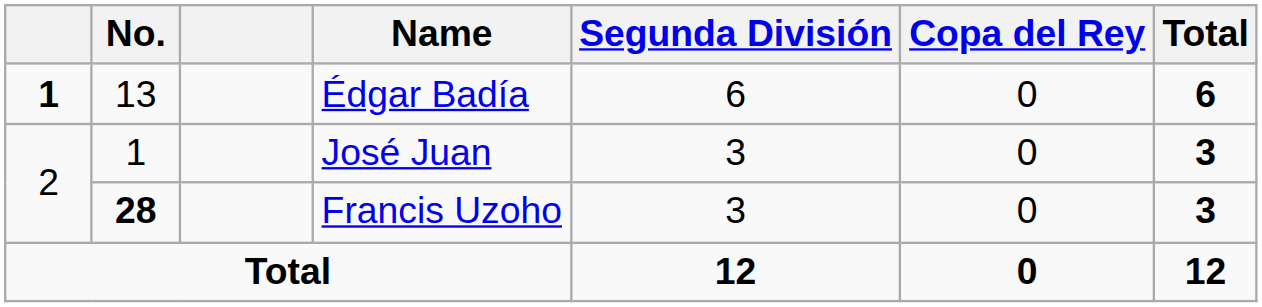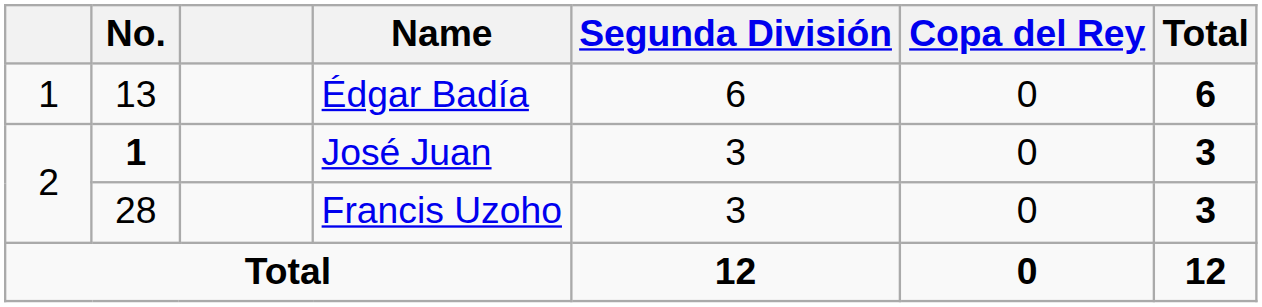 <table class="wikitable sortable" style="text-align:center;">
 <tr>
 <th width="30"></th>
 <th width="30">No.</th>
 <th width="50"></th>
 <th>Name</th>
 <th><a href='#'>Segunda División</a></th>
 <th><a href='#'>Copa del Rey</a></th>
 <th>Total</th>
 </tr>
 <tr>
-<td><strong>1</strong></td>
+<td>1</td>
 <td>13</td>
 <td></td>
 <td align=left><a href='#'>Édgar Badía</a></td>
 <td>6</td>
 <td>0</td>
 <td><strong>6</strong></td>
 </tr>
 <tr>
 <td rowspan=2>2</td>
-<td>1</td>
+<td><strong>1</strong></td>
 <td></td>
 <td align=left><a href='#'>José Juan</a></td>
 <td>3</td>
 <td>0</td>
 <td><strong>3</strong></td>
 </tr>
 <tr>
-<td><strong>28</strong></td>
+<td>28</td>
 <td></td>
 <td align=left><a href='#'>Francis Uzoho</a></td>
 <td>3</td>
 <td>0</td>
 <td><strong>3</strong></td>
 </tr>
 <tr>
 <td colspan=4><strong>Total</strong></td>
 <td><strong>12</strong></td>
 <td><strong>0</strong></td>
 <td><strong>12</strong></td>
 </tr>
 </table>
